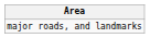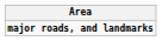 <table class="wikitable" style="font-size:90%">
 <tr>
 <th>Area</th>
 </tr>
 <tr>
-<td>major roads, and landmarks</td>
+<td><strong>major roads, and landmarks</strong></td>
 </tr>
 </table>
